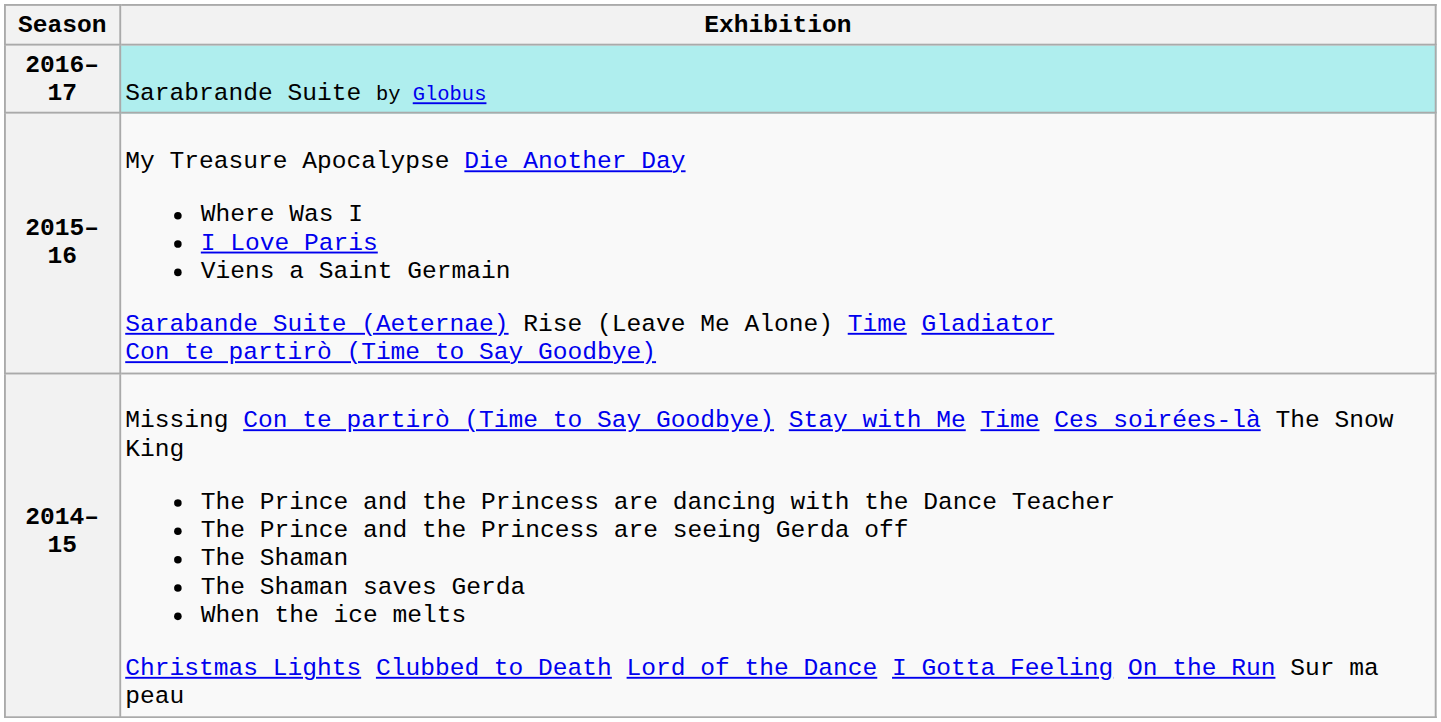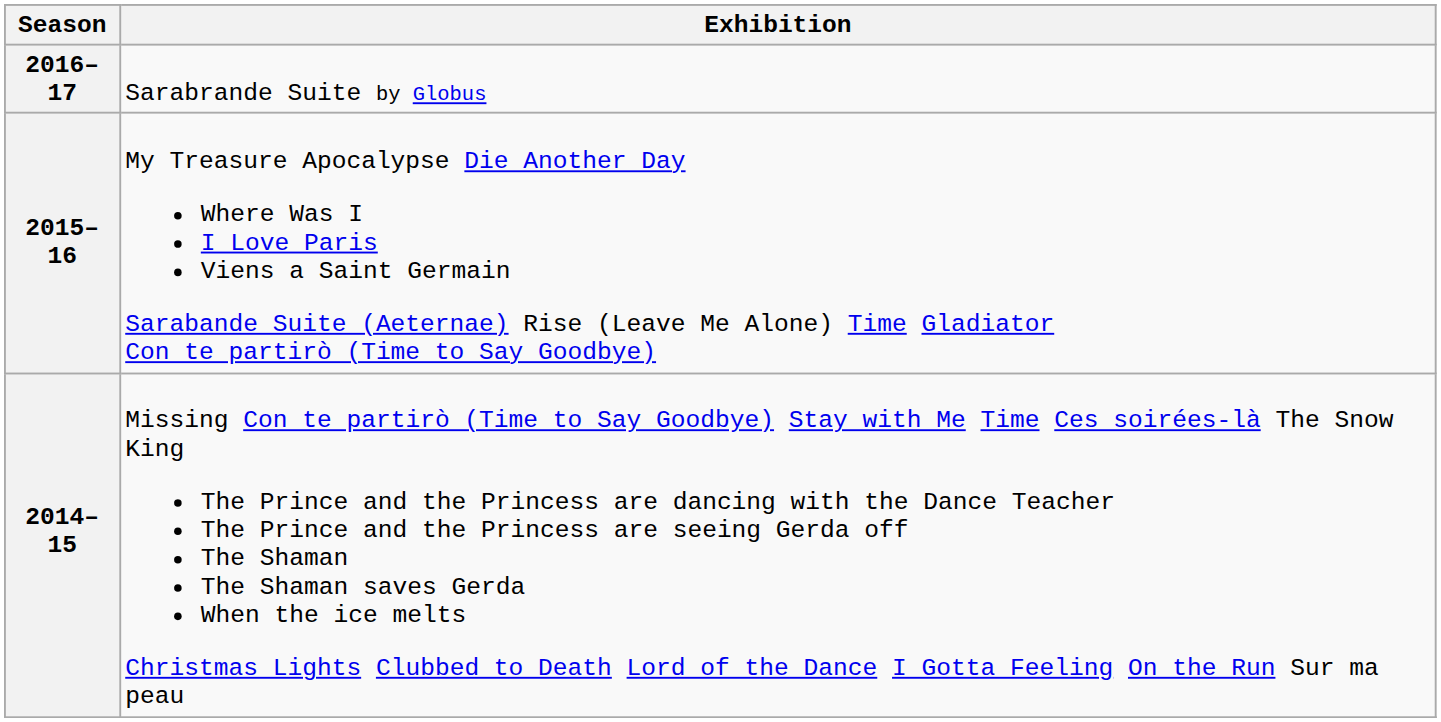 <table class=wikitable style="width:60%;">
 <tr>
 <th>Season</th>
 <th>Exhibition</th>
 </tr>
 <tr>
 <th>2016–17</th>
-<td style="background: paleturquoise;"><br> Sarabrande Suite <small>by <a href='#'>Globus</a></small></td>
+<td><br> Sarabrande Suite <small>by <a href='#'>Globus</a></small></td>
 </tr>
 <tr>
 <th>2015–16 <br></th>
 <td><br> My Treasure  Apocalypse  <a href='#'>Die Another Day</a>  <ul><li>Where Was I </li><li><a href='#'>I Love Paris</a> </li><li>Viens а Saint Germain </li></ul> <a href='#'>Sarabande Suite (Aeternae)</a>  Rise (Leave Me Alone)  <a href='#'>Time</a>  <a href='#'>Gladiator</a> <br> <a href='#'>Con te partirò (Time to Say Goodbye)</a> </td>
 </tr>
 <tr>
 <th>2014–15 <br> <br></th>
 <td><br> Missing  <a href='#'>Con te partirò (Time to Say Goodbye)</a>  <a href='#'>Stay with Me</a>  <a href='#'>Time</a>  <a href='#'>Ces soirées-là</a> The Snow King<ul><li>The Prince and the Princess are dancing with the Dance Teacher </li><li>The Prince and the Princess are seeing Gerda off </li><li>The Shaman </li><li>The Shaman saves Gerda </li><li>When the ice melts </li></ul> <a href='#'>Christmas Lights</a>  <a href='#'>Clubbed to Death</a>  <a href='#'>Lord of the Dance</a>  <a href='#'>I Gotta Feeling</a>  <a href='#'>On the Run</a>  Sur ma peau </td>
 </tr>
 <tr>
 </tr>
 </table>
